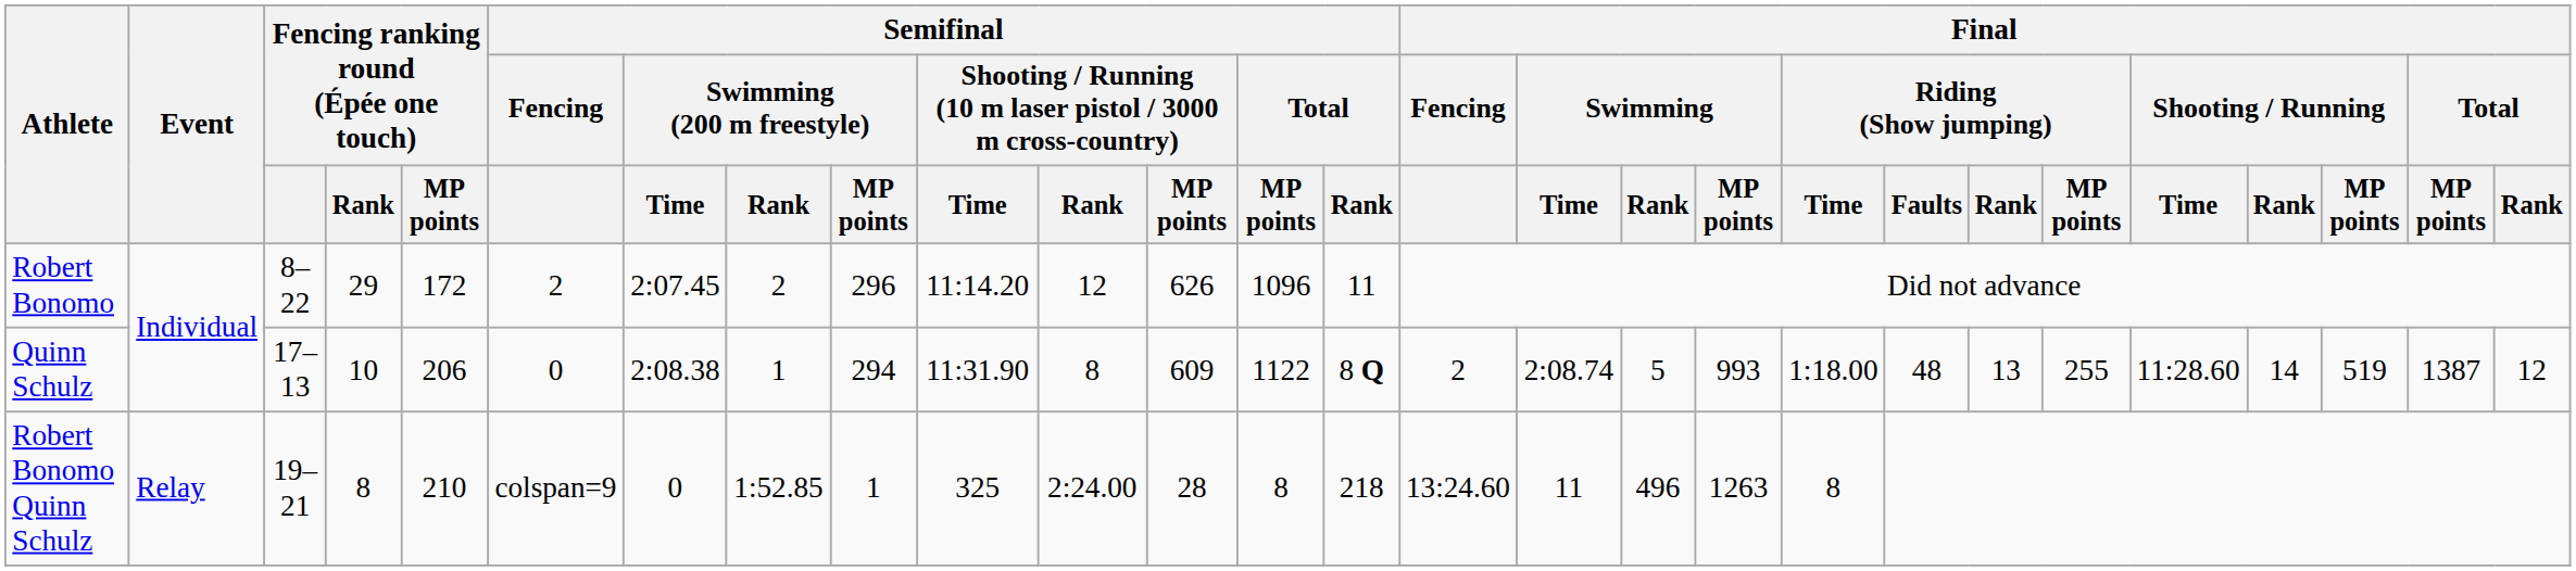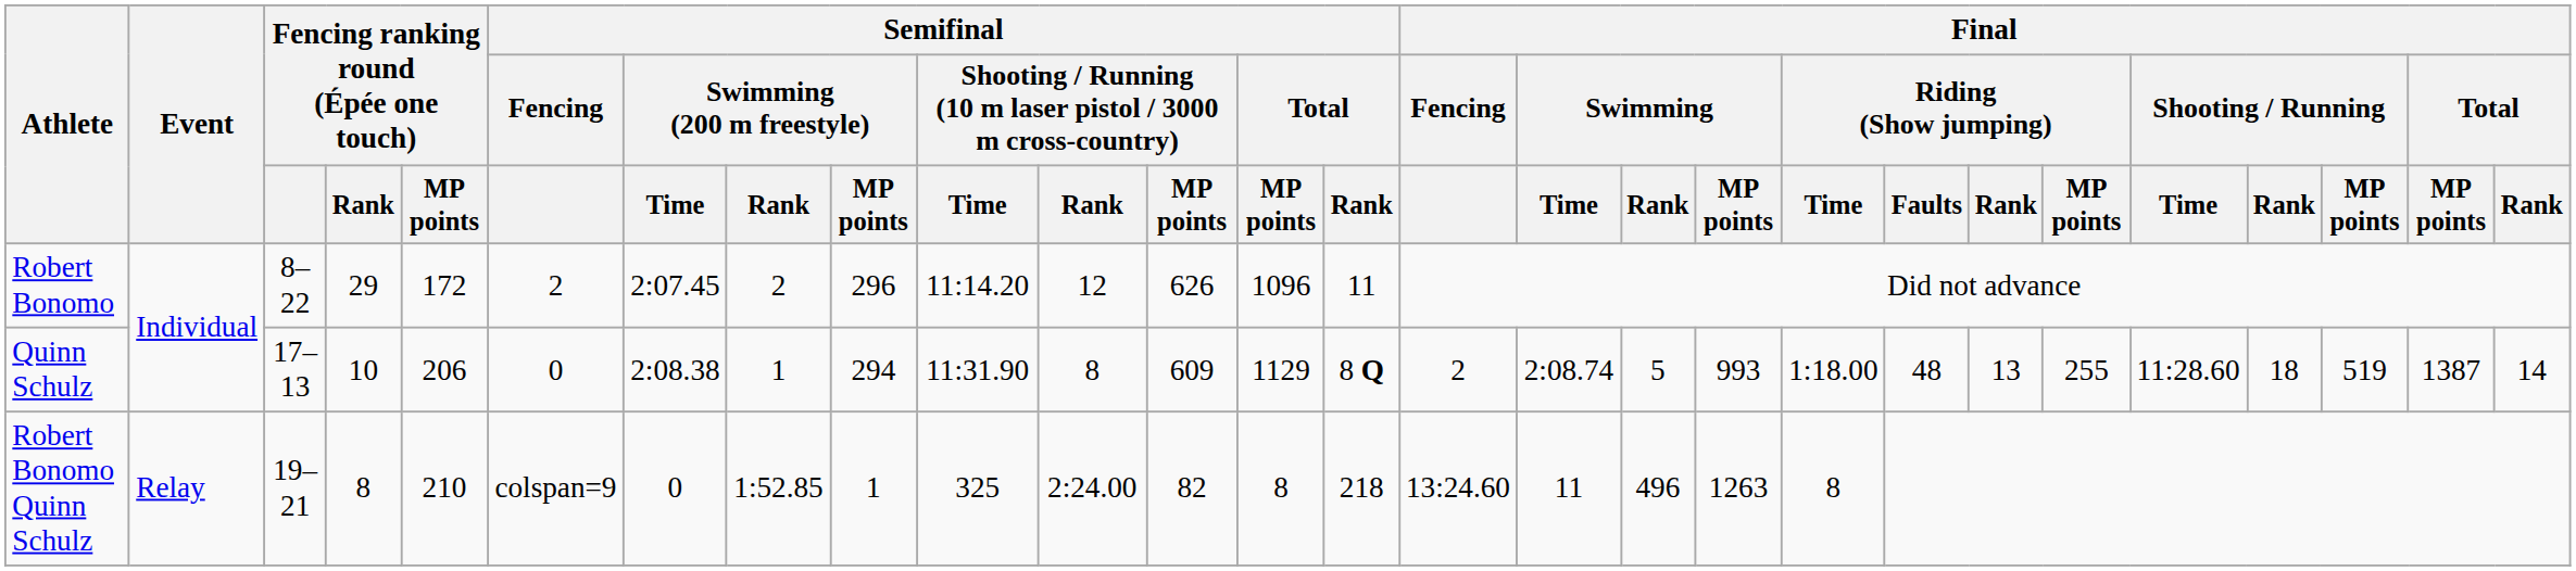 <table class=wikitable style=font-size:90%;text-align:center>
 <tr>
 <th rowspan=3>Athlete</th>
 <th rowspan=3>Event</th>
 <th colspan=3 rowspan=2>Fencing ranking round<br><span>(Épée one touch)</span></th>
 <th colspan=9>Semifinal</th>
 <th colspan=13>Final</th>
 </tr>
 <tr style=font-size:95%>
 <th>Fencing</th>
 <th colspan=3>Swimming<br><span>(200 m freestyle)</span></th>
 <th colspan=3>Shooting / Running<br><span>(10 m laser pistol / 3000 m cross-country)</span></th>
 <th colspan=2>Total</th>
 <th>Fencing</th>
 <th colspan=3>Swimming</th>
 <th colspan=4>Riding<br><span>(Show jumping)</span></th>
 <th colspan=3>Shooting / Running</th>
 <th colspan=2>Total</th>
 </tr>
 <tr style=font-size:90%>
 <th></th>
 <th>Rank</th>
 <th>MP points</th>
 <th></th>
 <th>Time</th>
 <th>Rank</th>
 <th>MP points</th>
 <th>Time</th>
 <th>Rank</th>
 <th>MP points</th>
 <th>MP points</th>
 <th>Rank</th>
 <th></th>
 <th>Time</th>
 <th>Rank</th>
 <th>MP points</th>
 <th>Time</th>
 <th>Faults</th>
 <th>Rank</th>
 <th>MP points</th>
 <th>Time</th>
 <th>Rank</th>
 <th>MP points</th>
 <th>MP points</th>
 <th>Rank</th>
 </tr>
 <tr>
 <td align=left><a href='#'>Robert Bonomo</a></td>
 <td align=left rowspan=2><a href='#'>Individual</a></td>
 <td>8–22</td>
 <td>29</td>
 <td>172</td>
 <td>2</td>
 <td>2:07.45</td>
 <td>2</td>
 <td>296</td>
 <td>11:14.20</td>
 <td>12</td>
 <td>626</td>
 <td>1096</td>
 <td>11</td>
 <td colspan=13>Did not advance</td>
 </tr>
 <tr>
 <td align=left><a href='#'>Quinn Schulz</a></td>
 <td>17–13</td>
 <td>10</td>
 <td>206</td>
 <td>0</td>
 <td>2:08.38</td>
 <td>1</td>
 <td>294</td>
 <td>11:31.90</td>
 <td>8</td>
 <td>609</td>
-<td>1122</td>
+<td>1129</td>
 <td>8 <strong>Q</strong></td>
 <td>2</td>
 <td>2:08.74</td>
 <td>5</td>
 <td>993</td>
 <td>1:18.00</td>
 <td>48</td>
 <td>13</td>
 <td>255</td>
 <td>11:28.60</td>
-<td>14</td>
+<td>18</td>
 <td>519</td>
 <td>1387</td>
-<td>12</td>
+<td>14</td>
 </tr>
 <tr>
 <td align=left><a href='#'>Robert Bonomo</a><br><a href='#'>Quinn Schulz</a></td>
 <td align=left><a href='#'>Relay</a></td>
 <td>19–21</td>
 <td>8</td>
 <td>210</td>
 <td>colspan=9 </td>
 <td>0</td>
 <td>1:52.85</td>
 <td>1</td>
 <td>325</td>
 <td>2:24.00</td>
-<td>28</td>
+<td>82</td>
 <td>8</td>
 <td>218</td>
 <td>13:24.60</td>
 <td>11</td>
 <td>496</td>
 <td>1263</td>
 <td>8</td>
 </tr>
 </table>
